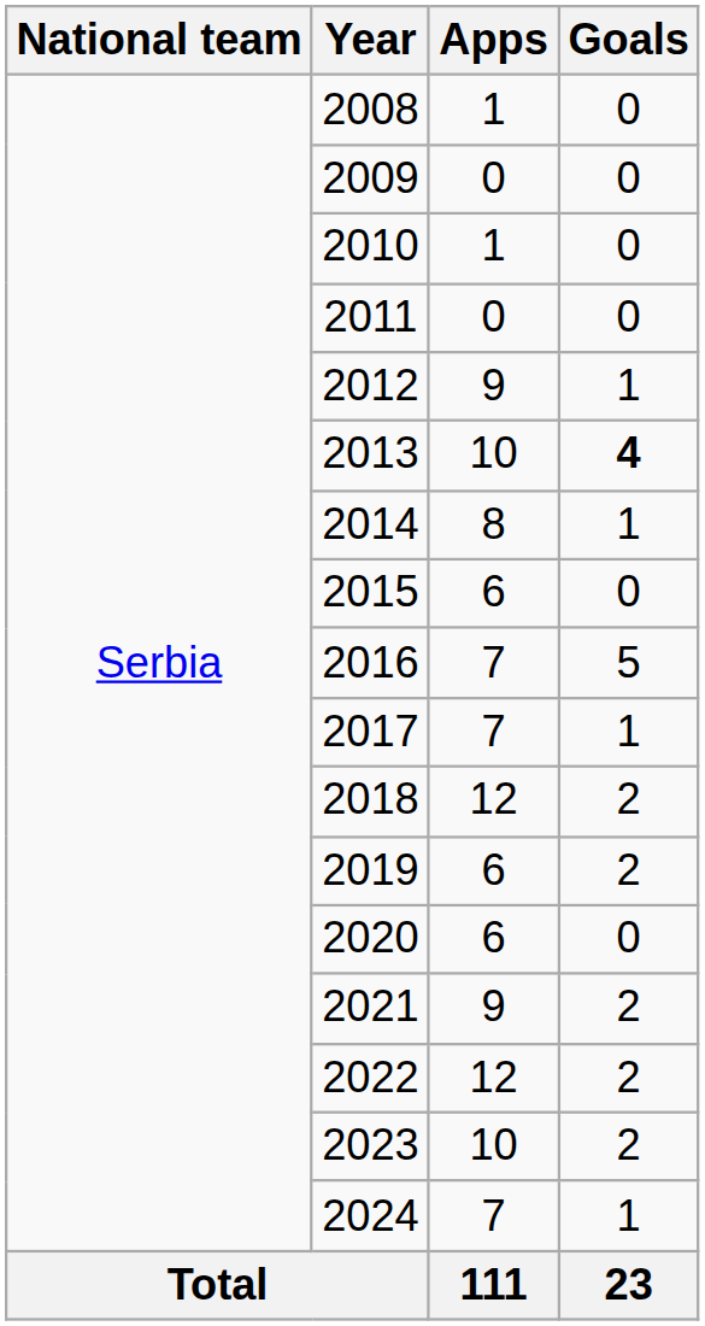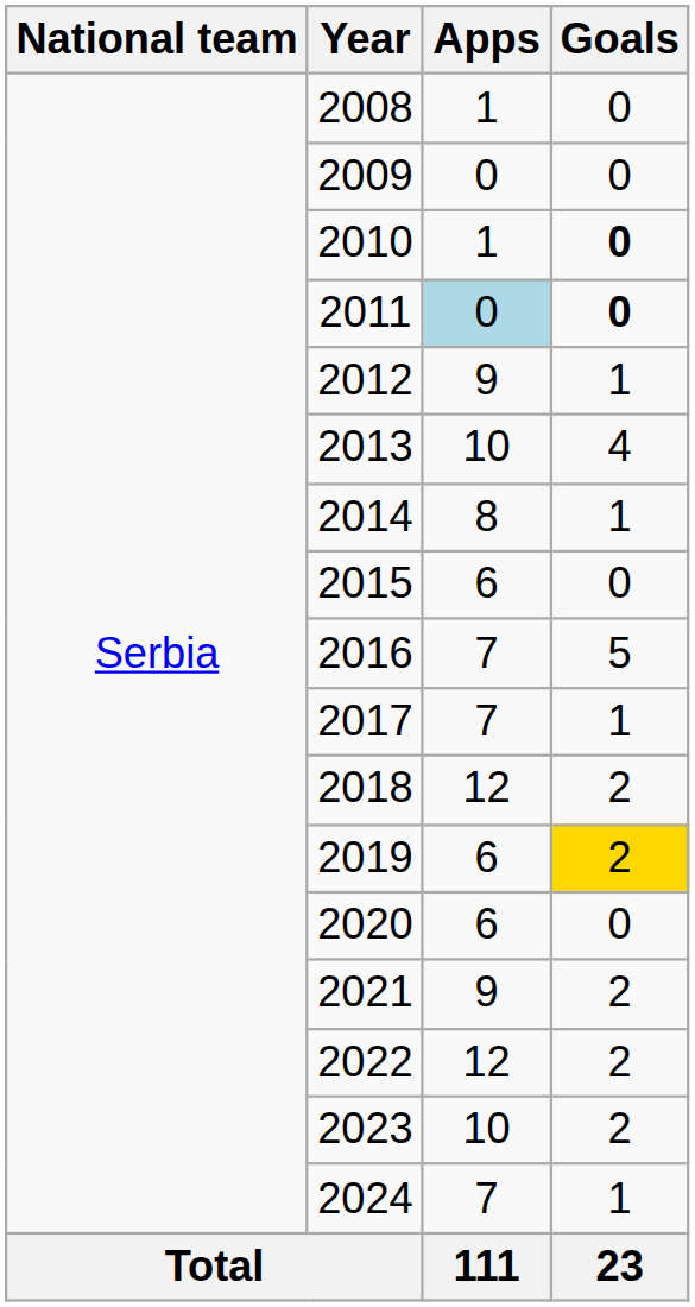 <table class="wikitable" style="text-align:center">
 <tr>
 <th>National team</th>
 <th>Year</th>
 <th>Apps</th>
 <th>Goals</th>
 </tr>
 <tr>
 <td rowspan="17"><a href='#'>Serbia</a></td>
 <td>2008</td>
 <td>1</td>
 <td>0</td>
 </tr>
 <tr>
 <td>2009</td>
 <td>0</td>
 <td>0</td>
 </tr>
 <tr>
 <td>2010</td>
 <td>1</td>
-<td>0</td>
+<td><strong>0</strong></td>
 </tr>
 <tr>
 <td>2011</td>
-<td>0</td>
-<td>0</td>
+<td style="background: lightblue;">0</td>
+<td><strong>0</strong></td>
 </tr>
 <tr>
 <td>2012</td>
 <td>9</td>
 <td>1</td>
 </tr>
 <tr>
 <td>2013</td>
 <td>10</td>
-<td><strong>4</strong></td>
+<td>4</td>
 </tr>
 <tr>
 <td>2014</td>
 <td>8</td>
 <td>1</td>
 </tr>
 <tr>
 <td>2015</td>
 <td>6</td>
 <td>0</td>
 </tr>
 <tr>
 <td>2016</td>
 <td>7</td>
 <td>5</td>
 </tr>
 <tr>
 <td>2017</td>
 <td>7</td>
 <td>1</td>
 </tr>
 <tr>
 <td>2018</td>
 <td>12</td>
 <td>2</td>
 </tr>
 <tr>
 <td>2019</td>
 <td>6</td>
-<td>2</td>
+<td style="background: gold;">2</td>
 </tr>
 <tr>
 <td>2020</td>
 <td>6</td>
 <td>0</td>
 </tr>
 <tr>
 <td>2021</td>
 <td>9</td>
 <td>2</td>
 </tr>
 <tr>
 <td>2022</td>
 <td>12</td>
 <td>2</td>
 </tr>
 <tr>
 <td>2023</td>
 <td>10</td>
 <td>2</td>
 </tr>
 <tr>
 <td>2024</td>
 <td>7</td>
 <td>1</td>
 </tr>
 <tr>
 <th colspan="2">Total</th>
 <th>111</th>
 <th>23</th>
 </tr>
 </table>
